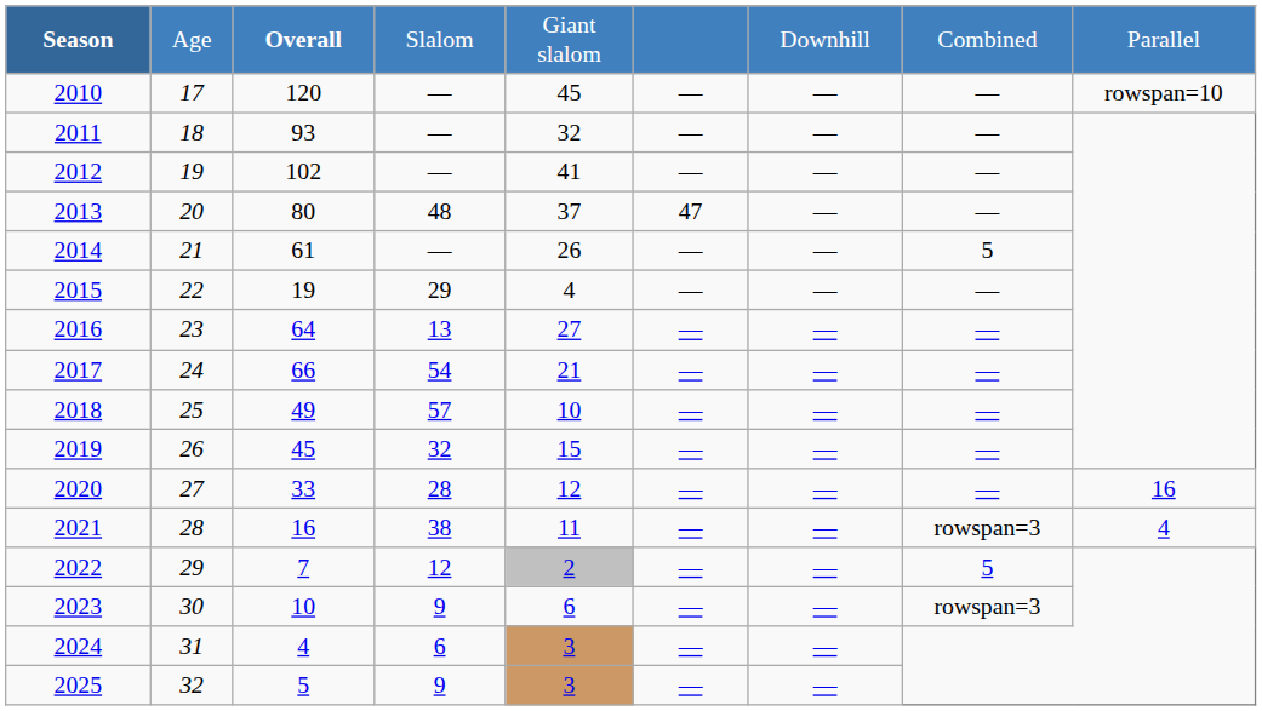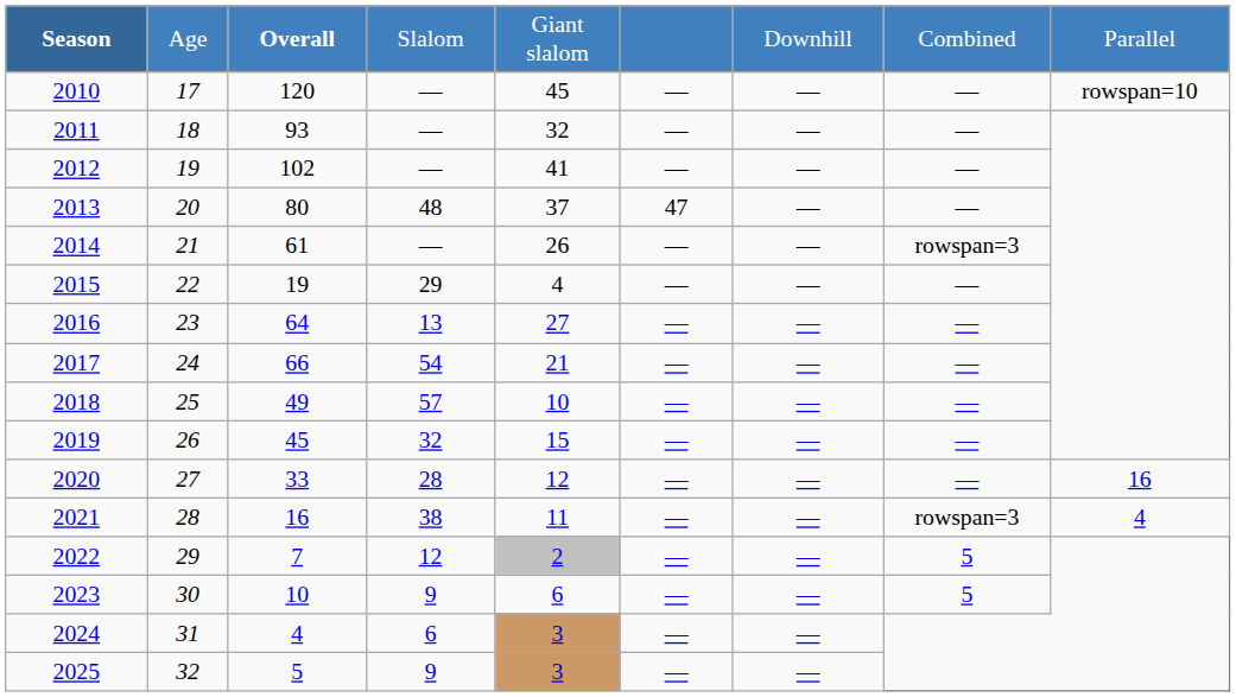 <table class="wikitable"  style="font-size:95%; text-align:center; border:gray solid 1px; width:40%;">
 <tr style="background:#369; color:white;">
 <td rowspan="2" style="width:6%;"><strong>Season</strong></td>
 </tr>
 <tr style="background:#4180be; color:white;">
 <td style="width:3%;">Age</td>
 <td style="width:5%;"><strong>Overall</strong></td>
 <td style="width:5%;">Slalom</td>
 <td style="width:5%;">Giant<br>slalom</td>
 <td style="width:5%;"></td>
 <td style="width:5%;">Downhill</td>
 <td style="width:5%;">Combined</td>
 <td style="width:5%;">Parallel</td>
 </tr>
 <tr>
 <td><a href='#'>2010</a></td>
 <td><em>17</em></td>
 <td>120</td>
 <td>—</td>
 <td>45</td>
 <td>—</td>
 <td>—</td>
 <td>—</td>
 <td>rowspan=10 </td>
 </tr>
 <tr>
 <td><a href='#'>2011</a></td>
 <td><em>18</em></td>
 <td>93</td>
 <td>—</td>
 <td>32</td>
 <td>—</td>
 <td>—</td>
 <td>—</td>
 </tr>
 <tr>
 <td><a href='#'>2012</a></td>
 <td><em>19</em></td>
 <td>102</td>
 <td>—</td>
 <td>41</td>
 <td>—</td>
 <td>—</td>
 <td>—</td>
 </tr>
 <tr>
 <td><a href='#'>2013</a></td>
 <td><em>20</em></td>
 <td>80</td>
 <td>48</td>
 <td>37</td>
 <td>47</td>
 <td>—</td>
 <td>—</td>
 </tr>
 <tr>
 <td><a href='#'>2014</a></td>
 <td><em>21</em></td>
 <td>61</td>
 <td>—</td>
 <td>26</td>
 <td>—</td>
 <td>—</td>
-<td>5</td>
+<td>rowspan=3</td>
 </tr>
 <tr>
 <td><a href='#'>2015</a></td>
 <td><em>22</em></td>
 <td>19</td>
 <td>29</td>
 <td>4</td>
 <td>—</td>
 <td>—</td>
 <td>—</td>
 </tr>
 <tr>
 <td><a href='#'>2016</a></td>
 <td><em>23</em></td>
 <td><a href='#'>64</a></td>
 <td><a href='#'>13</a></td>
 <td><a href='#'>27</a></td>
 <td><a href='#'>—</a></td>
 <td><a href='#'>—</a></td>
 <td><a href='#'>—</a></td>
 </tr>
 <tr>
 <td><a href='#'>2017</a></td>
 <td><em>24</em></td>
 <td><a href='#'>66</a></td>
 <td><a href='#'>54</a></td>
 <td><a href='#'>21</a></td>
 <td><a href='#'>—</a></td>
 <td><a href='#'>—</a></td>
 <td><a href='#'>—</a></td>
 </tr>
 <tr>
 <td><a href='#'>2018</a></td>
 <td><em>25</em></td>
 <td><a href='#'>49</a></td>
 <td><a href='#'>57</a></td>
 <td><a href='#'>10</a></td>
 <td><a href='#'>—</a></td>
 <td><a href='#'>—</a></td>
 <td><a href='#'>—</a></td>
 </tr>
 <tr>
 <td><a href='#'>2019</a></td>
 <td><em>26</em></td>
 <td><a href='#'>45</a></td>
 <td><a href='#'>32</a></td>
 <td><a href='#'>15</a></td>
 <td><a href='#'>—</a></td>
 <td><a href='#'>—</a></td>
 <td><a href='#'>—</a></td>
 </tr>
 <tr>
 <td><a href='#'>2020</a></td>
 <td><em>27</em></td>
 <td><a href='#'>33</a></td>
 <td><a href='#'>28</a></td>
 <td><a href='#'>12</a></td>
 <td><a href='#'>—</a></td>
 <td><a href='#'>—</a></td>
 <td><a href='#'>—</a></td>
 <td><a href='#'>16</a></td>
 </tr>
 <tr>
 <td><a href='#'>2021</a></td>
 <td><em>28</em></td>
 <td><a href='#'>16</a></td>
 <td><a href='#'>38</a></td>
 <td><a href='#'>11</a></td>
 <td><a href='#'>—</a></td>
 <td><a href='#'>—</a></td>
 <td>rowspan=3</td>
 <td><a href='#'>4</a></td>
 </tr>
 <tr>
 <td><a href='#'>2022</a></td>
 <td><em>29</em></td>
 <td><a href='#'>7</a></td>
 <td><a href='#'>12</a></td>
 <td style="background:silver;"><a href='#'>2</a></td>
 <td><a href='#'>—</a></td>
 <td><a href='#'>—</a></td>
 <td><a href='#'>5</a></td>
 </tr>
 <tr>
 <td><a href='#'>2023</a></td>
 <td><em>30</em></td>
 <td><a href='#'>10</a></td>
 <td><a href='#'>9</a></td>
 <td><a href='#'>6</a></td>
 <td><a href='#'>—</a></td>
 <td><a href='#'>—</a></td>
-<td>rowspan=3</td>
+<td><a href='#'>5</a></td>
 </tr>
 <tr>
 <td><a href='#'>2024</a></td>
 <td><em>31</em></td>
 <td><a href='#'>4</a></td>
 <td><a href='#'>6</a></td>
 <td style="background:#c96;"><a href='#'>3</a></td>
 <td><a href='#'>—</a></td>
 <td><a href='#'>—</a></td>
 </tr>
 <tr>
 <td><a href='#'>2025</a></td>
 <td><em>32</em></td>
 <td><a href='#'>5</a></td>
 <td><a href='#'>9</a></td>
 <td style="background:#c96;"><a href='#'>3</a></td>
 <td><a href='#'>—</a></td>
 <td><a href='#'>—</a></td>
 </tr>
 </table>
